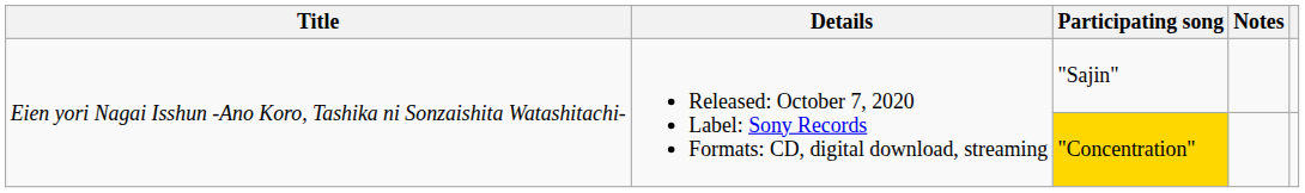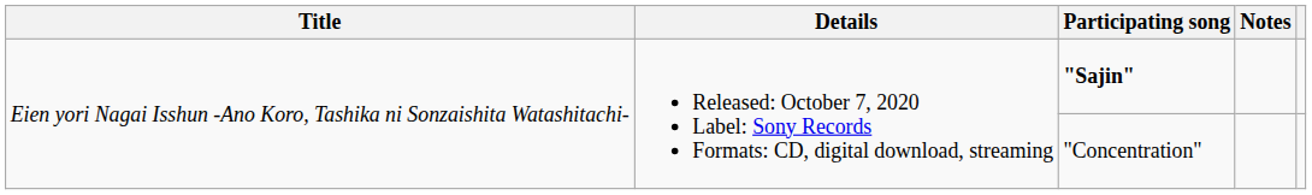 <table class="wikitable">
 <tr>
 <th>Title</th>
 <th>Details</th>
 <th>Participating song</th>
 <th>Notes</th>
 <th></th>
 </tr>
 <tr>
 <td rowspan="2"><em>Eien yori Nagai Isshun -Ano Koro, Tashika ni Sonzaishita Watashitachi-</em></td>
 <td rowspan="2"><br><ul><li>Released: October 7, 2020</li><li>Label: <a href='#'>Sony Records</a></li><li>Formats: CD, digital download, streaming</li></ul></td>
-<td>"Sajin"</td>
+<td><strong>"Sajin"</strong></td>
 <td></td>
 <td></td>
 </tr>
 <tr>
-<td style="background: gold;">"Concentration"</td>
+<td>"Concentration"</td>
 <td></td>
 <td></td>
 </tr>
 </table>
